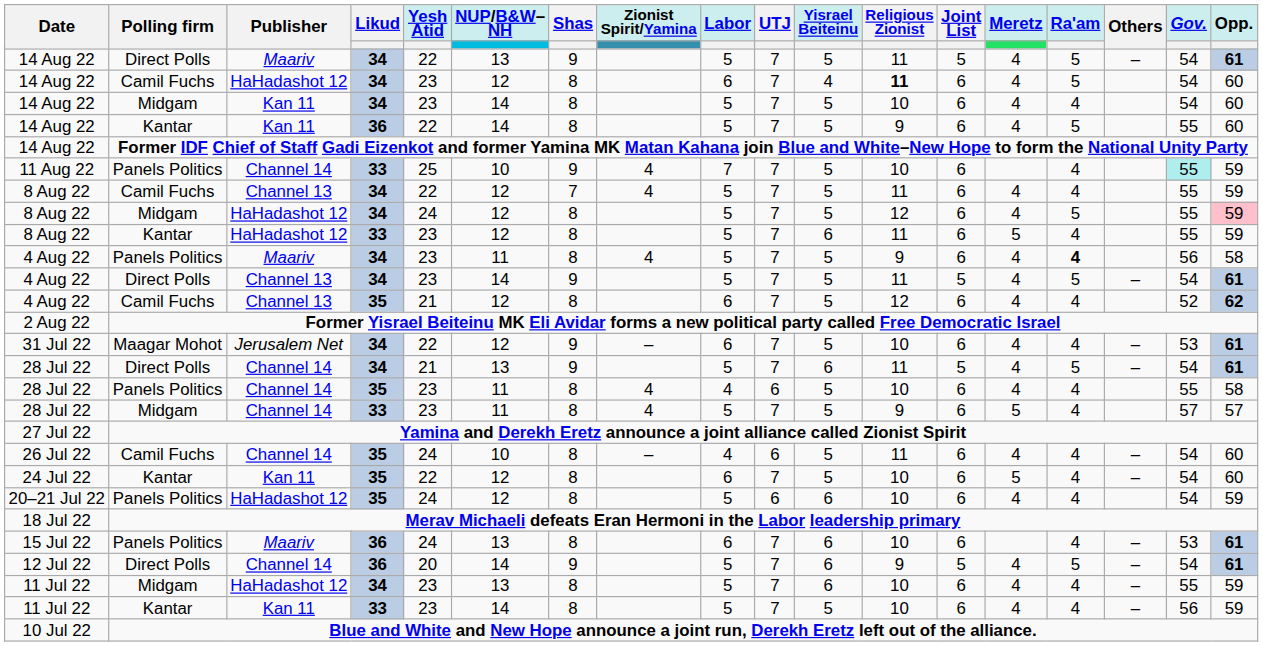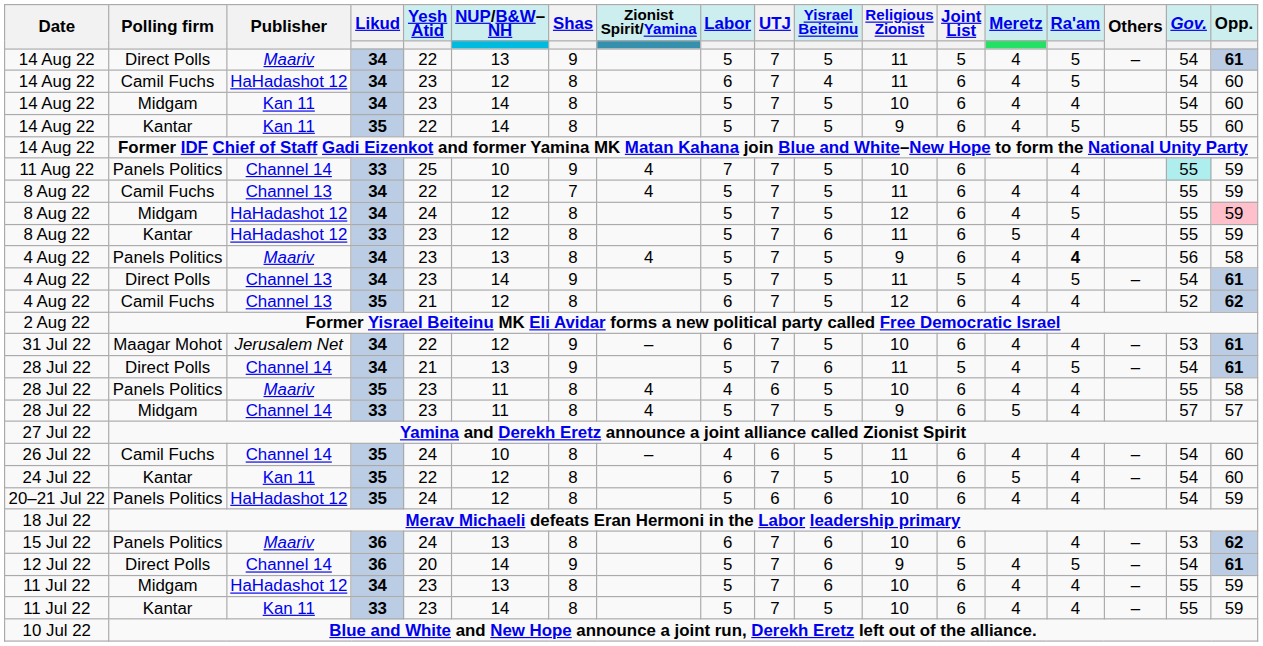 <table class="wikitable sortable" style="text-align:center;font-size:90%;line-height:12px">
 <tr>
 <th rowspan="2">Date</th>
 <th rowspan="2">Polling firm</th>
 <th rowspan="2">Publisher</th>
 <th><a href='#'>Likud</a></th>
 <th style="background:#cee"><a href='#'>Yesh<br>Atid</a></th>
 <th style="background:#cee"><a href='#'>NUP</a>/<a href='#'>B&W</a>–<br><a href='#'>NH</a></th>
 <th><a href='#'>Shas</a></th>
 <th style="background:#cee;font-size:90% ">Zionist<br>Spirit/<a href='#'>Yamina</a></th>
 <th style="background:#cee"><a href='#'>Labor</a></th>
 <th><a href='#'>UTJ</a></th>
 <th style="background:#cee; font-size:90%"><a href='#'>Yisrael<br>Beiteinu</a></th>
 <th style="font-size:90%"><a href='#'>Religious<br>Zionist</a></th>
 <th><a href='#'>Joint<br>List</a></th>
 <th style="background:#cee"><a href='#'>Meretz</a></th>
 <th style="background:#cee"><a href='#'>Ra'am</a></th>
 <th rowspan="2">Others</th>
 <th style="background:#cee"><a href='#'><em>Gov.</em></a></th>
 <th style=background:#cee>Opp.</th>
 </tr>
 <tr>
 <th style="background:"></th>
 <th style="background:"></th>
 <th style="background:#00BBE0"></th>
 <th style="background:"></th>
 <th style="background:#3590AE"></th>
 <th style="background:"></th>
 <th style="background:"></th>
 <th style="background:"></th>
 <th style="background:"></th>
 <th style="background:"></th>
 <th style="background:#23e164"></th>
 <th style="background:"></th>
 <th style="background:"></th>
 <th style=background:></th>
 </tr>
 <tr>
 <td>14 Aug 22</td>
 <td>Direct Polls</td>
 <td><em><a href='#'>Maariv</a></em></td>
 <td style="background:#BBCDE4"><strong>34</strong></td>
 <td>22</td>
 <td>13</td>
 <td>9</td>
 <td></td>
 <td>5</td>
 <td>7</td>
 <td>5</td>
 <td>11</td>
 <td>5</td>
 <td>4</td>
 <td>5</td>
 <td>–</td>
 <td>54</td>
 <td style=background:#BBCDE4><strong>61</strong></td>
 </tr>
 <tr>
 <td>14 Aug 22</td>
 <td>Camil Fuchs</td>
 <td><a href='#'>HaHadashot 12</a></td>
 <td style="background:#BBCDE4"><strong>34</strong></td>
 <td>23</td>
 <td>12</td>
 <td>8</td>
 <td></td>
 <td>6</td>
 <td>7</td>
 <td>4</td>
-<td><strong>11</strong></td>
+<td>11</td>
 <td>6</td>
 <td>4</td>
 <td>5</td>
 <td></td>
 <td>54</td>
 <td>60</td>
 </tr>
 <tr>
 <td>14 Aug 22</td>
 <td>Midgam</td>
 <td><a href='#'>Kan 11</a></td>
 <td style="background:#BBCDE4"><strong>34</strong></td>
 <td>23</td>
 <td>14</td>
 <td>8</td>
 <td></td>
 <td>5</td>
 <td>7</td>
 <td>5</td>
 <td>10</td>
 <td>6</td>
 <td>4</td>
 <td>4</td>
 <td></td>
 <td>54</td>
 <td>60</td>
 </tr>
 <tr>
 <td>14 Aug 22</td>
 <td>Kantar</td>
 <td><a href='#'>Kan 11</a></td>
-<td style="background:#BBCDE4"><strong>36</strong></td>
+<td style="background:#BBCDE4"><strong>35</strong></td>
 <td>22</td>
 <td>14</td>
 <td>8</td>
 <td></td>
 <td>5</td>
 <td>7</td>
 <td>5</td>
 <td>9</td>
 <td>6</td>
 <td>4</td>
 <td>5</td>
 <td></td>
 <td>55</td>
 <td>60</td>
 </tr>
 <tr>
 <td>14 Aug 22</td>
 <td colspan="17"><strong>Former <a href='#'>IDF</a> <a href='#'>Chief of Staff</a> <a href='#'>Gadi Eizenkot</a> and former Yamina MK <a href='#'>Matan Kahana</a> join <a href='#'>Blue and White</a>–<a href='#'>New Hope</a> to form the <a href='#'>National Unity Party</a></strong></td>
 </tr>
 <tr>
 <td>11 Aug 22</td>
 <td>Panels Politics</td>
 <td><a href='#'>Channel 14</a></td>
 <td style="background:#BBCDE4"><strong>33</strong></td>
 <td>25</td>
 <td>10</td>
 <td>9</td>
 <td>4</td>
 <td>7</td>
 <td>7</td>
 <td>5</td>
 <td>10</td>
 <td>6</td>
 <td></td>
 <td>4</td>
 <td></td>
 <td style="background: paleturquoise;">55</td>
 <td>59</td>
 </tr>
 <tr>
 <td>8 Aug 22</td>
 <td>Camil Fuchs</td>
 <td><a href='#'>Channel 13</a></td>
 <td style="background:#BBCDE4"><strong>34</strong></td>
 <td>22</td>
 <td>12</td>
 <td>7</td>
 <td>4</td>
 <td>5</td>
 <td>7</td>
 <td>5</td>
 <td>11</td>
 <td>6</td>
 <td>4</td>
 <td>4</td>
 <td></td>
 <td>55</td>
 <td>59</td>
 </tr>
 <tr>
 <td>8 Aug 22</td>
 <td>Midgam</td>
 <td><a href='#'>HaHadashot 12</a></td>
 <td style="background:#BBCDE4"><strong>34</strong></td>
 <td>24</td>
 <td>12</td>
 <td>8</td>
 <td></td>
 <td>5</td>
 <td>7</td>
 <td>5</td>
 <td>12</td>
 <td>6</td>
 <td>4</td>
 <td>5</td>
 <td></td>
 <td>55</td>
 <td style="background: pink;">59</td>
 </tr>
 <tr>
 <td>8 Aug 22</td>
 <td>Kantar</td>
 <td><a href='#'>HaHadashot 12</a></td>
 <td style="background:#BBCDE4"><strong>33</strong></td>
 <td>23</td>
 <td>12</td>
 <td>8</td>
 <td></td>
 <td>5</td>
 <td>7</td>
 <td>6</td>
 <td>11</td>
 <td>6</td>
 <td>5</td>
 <td>4</td>
 <td></td>
 <td>55</td>
 <td>59</td>
 </tr>
 <tr>
 <td>4 Aug 22</td>
 <td>Panels Politics</td>
 <td><em><a href='#'>Maariv</a></em></td>
 <td style="background:#BBCDE4"><strong>34</strong></td>
 <td>23</td>
-<td>11</td>
+<td>13</td>
 <td>8</td>
 <td>4</td>
 <td>5</td>
 <td>7</td>
 <td>5</td>
 <td>9</td>
 <td>6</td>
 <td>4</td>
 <td><strong>4</strong></td>
 <td></td>
 <td>56</td>
 <td>58</td>
 </tr>
 <tr>
 <td>4 Aug 22</td>
 <td>Direct Polls</td>
 <td><a href='#'>Channel 13</a></td>
 <td style="background:#BBCDE4"><strong>34</strong></td>
 <td>23</td>
 <td>14</td>
 <td>9</td>
 <td></td>
 <td>5</td>
 <td>7</td>
 <td>5</td>
 <td>11</td>
 <td>5</td>
 <td>4</td>
 <td>5</td>
 <td>–</td>
 <td>54</td>
 <td style=background:#BBCDE4><strong>61</strong> </td>
 </tr>
 <tr>
 <td>4 Aug 22</td>
 <td>Camil Fuchs</td>
 <td><a href='#'>Channel 13</a></td>
 <td style="background:#BBCDE4"><strong>35</strong></td>
 <td>21</td>
 <td>12</td>
 <td>8</td>
 <td></td>
 <td>6</td>
 <td>7</td>
 <td>5</td>
 <td>12</td>
 <td>6</td>
 <td>4</td>
 <td>4</td>
 <td></td>
 <td>52</td>
 <td style=background:#BBCDE4><strong>62</strong> </td>
 </tr>
 <tr>
 <td data-sort-value="2022-07-27">2 Aug 22</td>
 <td colspan="17"><strong>Former <a href='#'>Yisrael Beiteinu</a> MK <a href='#'>Eli Avidar</a> forms a new political party called <a href='#'>Free Democratic Israel</a></strong></td>
 </tr>
 <tr>
 <td>31 Jul 22</td>
 <td>Maagar Mohot</td>
 <td><em>Jerusalem Net</em></td>
 <td style="background:#BBCDE4"><strong>34</strong></td>
 <td>22</td>
 <td>12</td>
 <td>9</td>
 <td>–</td>
 <td>6</td>
 <td>7</td>
 <td>5</td>
 <td>10</td>
 <td>6</td>
 <td>4</td>
 <td>4</td>
 <td>–</td>
 <td>53</td>
 <td style=background:#BBCDE4><strong>61</strong> </td>
 </tr>
 <tr>
 <td>28 Jul 22</td>
 <td>Direct Polls</td>
 <td><a href='#'>Channel 14</a></td>
 <td style="background:#BBCDE4"><strong>34</strong></td>
 <td>21</td>
 <td>13</td>
 <td>9</td>
 <td></td>
 <td>5</td>
 <td>7</td>
 <td>6</td>
 <td>11</td>
 <td>5</td>
 <td>4</td>
 <td>5</td>
 <td>–</td>
 <td>54</td>
 <td style=background:#BBCDE4><strong>61</strong> </td>
 </tr>
 <tr>
 <td>28 Jul 22</td>
 <td>Panels Politics</td>
-<td><a href='#'>Channel 14</a></td>
+<td><em><a href='#'>Maariv</a></em></td>
 <td style="background:#BBCDE4"><strong>35</strong></td>
 <td>23</td>
 <td>11</td>
 <td>8</td>
 <td>4</td>
 <td>4</td>
 <td>6</td>
 <td>5</td>
 <td>10</td>
 <td>6</td>
 <td>4</td>
 <td>4</td>
 <td></td>
 <td>55</td>
 <td>58 </td>
 </tr>
 <tr>
 <td>28 Jul 22</td>
 <td>Midgam</td>
 <td><a href='#'>Channel 14</a></td>
 <td style="background:#BBCDE4"><strong>33</strong></td>
 <td>23</td>
 <td>11</td>
 <td>8</td>
 <td>4</td>
 <td>5</td>
 <td>7</td>
 <td>5</td>
 <td>9</td>
 <td>6</td>
 <td>5</td>
 <td>4</td>
 <td></td>
 <td>57</td>
 <td>57</td>
 </tr>
 <tr>
 <td>27 Jul 22</td>
 <td colspan="17"><strong><a href='#'>Yamina</a> and <a href='#'>Derekh Eretz</a> announce a joint alliance called Zionist Spirit</strong></td>
 </tr>
 <tr>
 <td>26 Jul 22</td>
 <td>Camil Fuchs</td>
 <td><a href='#'>Channel 14</a></td>
 <td style="background:#BBCDE4"><strong>35</strong></td>
 <td>24</td>
 <td>10</td>
 <td>8</td>
 <td>–</td>
 <td>4</td>
 <td>6</td>
 <td>5</td>
 <td>11</td>
 <td>6</td>
 <td>4</td>
 <td>4</td>
 <td>–</td>
 <td>54</td>
 <td>60</td>
 </tr>
 <tr>
 <td>24 Jul 22</td>
 <td>Kantar</td>
 <td><a href='#'>Kan 11</a></td>
 <td style="background:#BBCDE4"><strong>35</strong></td>
 <td>22</td>
 <td>12</td>
 <td>8</td>
 <td></td>
 <td>6</td>
 <td>7</td>
 <td>5</td>
 <td>10</td>
 <td>6</td>
 <td>5</td>
 <td>4</td>
 <td>–</td>
 <td>54</td>
 <td>60</td>
 </tr>
 <tr>
 <td>20–21 Jul 22</td>
 <td>Panels Politics</td>
 <td><a href='#'>HaHadashot 12</a></td>
 <td style="background:#BBCDE4"><strong>35</strong></td>
 <td>24</td>
 <td>12</td>
 <td>8</td>
 <td></td>
 <td>5</td>
 <td>6</td>
 <td>6</td>
 <td>10</td>
 <td>6</td>
 <td>4</td>
 <td>4</td>
 <td></td>
 <td>54</td>
 <td>59</td>
 </tr>
 <tr>
 <td>18 Jul 22</td>
 <td colspan="17"><strong><a href='#'>Merav Michaeli</a> defeats Eran Hermoni in the <a href='#'>Labor</a> <a href='#'>leadership primary</a></strong></td>
 </tr>
 <tr>
 <td>15 Jul 22</td>
 <td>Panels Politics</td>
 <td><em><a href='#'>Maariv</a></em></td>
 <td style="background:#BBCDE4"><strong>36</strong></td>
 <td>24</td>
 <td>13</td>
 <td>8</td>
 <td></td>
 <td>6</td>
 <td>7</td>
 <td>6</td>
 <td>10</td>
 <td>6</td>
 <td></td>
 <td>4</td>
 <td>–</td>
 <td>53</td>
-<td style=background:#BBCDE4><strong>61</strong> </td>
+<td style=background:#BBCDE4><strong>62</strong> </td>
 </tr>
 <tr>
 <td>12 Jul 22</td>
 <td>Direct Polls</td>
 <td><a href='#'>Channel 14</a></td>
 <td style="background:#BBCDE4"><strong>36</strong></td>
 <td>20</td>
 <td>14</td>
 <td>9</td>
 <td></td>
 <td>5</td>
 <td>7</td>
 <td>6</td>
 <td>9</td>
 <td>5</td>
 <td>4</td>
 <td>5</td>
 <td>–</td>
 <td>54</td>
 <td style=background:#BBCDE4><strong>61</strong> </td>
 </tr>
 <tr>
 <td>11 Jul 22</td>
 <td>Midgam</td>
 <td><a href='#'>HaHadashot 12</a></td>
 <td style="background:#BBCDE4"><strong>34</strong></td>
 <td>23</td>
 <td>13</td>
 <td>8</td>
 <td></td>
 <td>5</td>
 <td>7</td>
 <td>6</td>
 <td>10</td>
 <td>6</td>
 <td>4</td>
 <td>4</td>
 <td>–</td>
 <td>55</td>
 <td>59 </td>
 </tr>
 <tr>
 <td>11 Jul 22</td>
 <td>Kantar</td>
 <td><a href='#'>Kan 11</a></td>
 <td style="background:#BBCDE4"><strong>33</strong></td>
 <td>23</td>
 <td>14</td>
 <td>8</td>
 <td></td>
 <td>5</td>
 <td>7</td>
 <td>5</td>
 <td>10</td>
 <td>6</td>
 <td>4</td>
 <td>4</td>
 <td>–</td>
-<td>56</td>
+<td>55</td>
 <td>59 </td>
 </tr>
 <tr>
 <td>10 Jul 22</td>
 <td colspan="17"><strong><a href='#'>Blue and White</a> and <a href='#'>New Hope</a> announce a joint run, <a href='#'>Derekh Eretz</a> left out of the alliance.</strong></td>
 </tr>
 </table>
